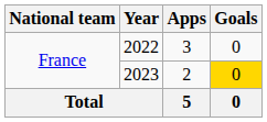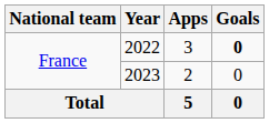 <table class="wikitable" style="text-align: center">
 <tr>
 <th>National team</th>
 <th>Year</th>
 <th>Apps</th>
 <th>Goals</th>
 </tr>
 <tr>
 <td rowspan="2"><a href='#'>France</a></td>
 <td>2022</td>
 <td>3</td>
-<td>0</td>
+<td><strong>0</strong></td>
 </tr>
 <tr>
 <td>2023</td>
 <td>2</td>
-<td style="background: gold;">0</td>
+<td>0</td>
 </tr>
 <tr>
 <th colspan="2">Total</th>
 <th>5</th>
 <th>0</th>
 </tr>
 </table>
